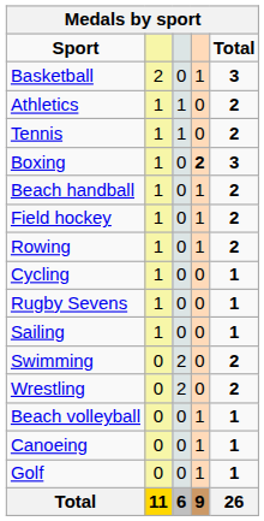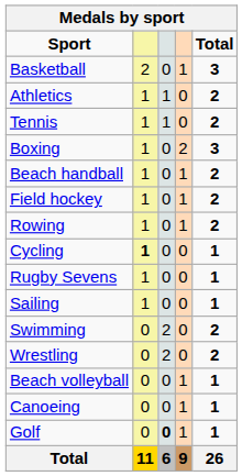 <table class="wikitable" style="font-size:85%;float:right;clear:right;">
 <tr style="background:#efefef;">
 <th colspan=5>Medals by sport</th>
 </tr>
 <tr align=center>
 <td><strong>Sport</strong></td>
 <td bgcolor=#f7f6a8></td>
 <td bgcolor=#dce5e5></td>
 <td bgcolor=#ffdab9></td>
 <td><strong>Total</strong></td>
 </tr>
 <tr align=center>
 <td align=left><a href='#'>Basketball</a></td>
 <td style="background:#F7F6A8;">2</td>
 <td style="background:#DCE5E5;">0</td>
 <td style="background:#FFDAB9;">1</td>
 <td><strong>3</strong></td>
 </tr>
 <tr align=center>
 <td align=left><a href='#'>Athletics</a></td>
 <td style="background:#F7F6A8;">1</td>
 <td style="background:#DCE5E5;">1</td>
 <td style="background:#FFDAB9;">0</td>
 <td><strong>2</strong></td>
 </tr>
 <tr align=center>
 <td align=left><a href='#'>Tennis</a></td>
 <td style="background:#F7F6A8;">1</td>
 <td style="background:#DCE5E5;">1</td>
 <td style="background:#FFDAB9;">0</td>
 <td><strong>2</strong></td>
 </tr>
 <tr align=center>
 <td align=left><a href='#'>Boxing</a></td>
 <td style="background:#F7F6A8;">1</td>
 <td style="background:#DCE5E5;">0</td>
-<td style="background:#FFDAB9;"><strong>2</strong></td>
+<td style="background:#FFDAB9;">2</td>
 <td><strong>3</strong></td>
 </tr>
 <tr align=center>
 <td align=left><a href='#'>Beach handball</a></td>
 <td style="background:#F7F6A8;">1</td>
 <td style="background:#DCE5E5;">0</td>
 <td style="background:#FFDAB9;">1</td>
 <td><strong>2</strong></td>
 </tr>
 <tr align=center>
 <td align=left><a href='#'>Field hockey</a></td>
 <td style="background:#F7F6A8;">1</td>
 <td style="background:#DCE5E5;">0</td>
 <td style="background:#FFDAB9;">1</td>
 <td><strong>2</strong></td>
 </tr>
 <tr align=center>
 <td align=left><a href='#'>Rowing</a></td>
 <td style="background:#F7F6A8;">1</td>
 <td style="background:#DCE5E5;">0</td>
 <td style="background:#FFDAB9;">1</td>
 <td><strong>2</strong></td>
 </tr>
 <tr align=center>
 <td align=left><a href='#'>Cycling</a></td>
-<td style="background:#F7F6A8;">1</td>
+<td style="background:#F7F6A8;"><strong>1</strong></td>
 <td style="background:#DCE5E5;">0</td>
 <td style="background:#FFDAB9;">0</td>
 <td><strong>1</strong></td>
 </tr>
 <tr align=center>
 <td align=left><a href='#'>Rugby Sevens</a></td>
 <td style="background:#F7F6A8;">1</td>
 <td style="background:#DCE5E5;">0</td>
 <td style="background:#FFDAB9;">0</td>
 <td><strong>1</strong></td>
 </tr>
 <tr align=center>
 <td align=left><a href='#'>Sailing</a></td>
 <td style="background:#F7F6A8;">1</td>
 <td style="background:#DCE5E5;">0</td>
 <td style="background:#FFDAB9;">0</td>
 <td><strong>1</strong></td>
 </tr>
 <tr align=center>
 <td align=left><a href='#'>Swimming</a></td>
 <td style="background:#F7F6A8;">0</td>
 <td style="background:#DCE5E5;">2</td>
 <td style="background:#FFDAB9;">0</td>
 <td><strong>2</strong></td>
 </tr>
 <tr align=center>
 <td align=left><a href='#'>Wrestling</a></td>
 <td style="background:#F7F6A8;">0</td>
 <td style="background:#DCE5E5;">2</td>
 <td style="background:#FFDAB9;">0</td>
 <td><strong>2</strong></td>
 </tr>
 <tr align=center>
 <td align=left><a href='#'>Beach volleyball</a></td>
 <td style="background:#F7F6A8;">0</td>
 <td style="background:#DCE5E5;">0</td>
 <td style="background:#FFDAB9;">1</td>
 <td><strong>1</strong></td>
 </tr>
 <tr align=center>
 <td align=left><a href='#'>Canoeing</a></td>
 <td style="background:#F7F6A8;">0</td>
 <td style="background:#DCE5E5;">0</td>
 <td style="background:#FFDAB9;">1</td>
 <td><strong>1</strong></td>
 </tr>
 <tr align=center>
 <td align=left><a href='#'>Golf</a></td>
 <td style="background:#F7F6A8;">0</td>
-<td style="background:#DCE5E5;">0</td>
+<td style="background:#DCE5E5;"><strong>0</strong></td>
 <td style="background:#FFDAB9;">1</td>
 <td><strong>1</strong></td>
 </tr>
 <tr align=center>
 <th>Total</th>
 <th style="background:gold;">11</th>
 <th style="background:silver;">6</th>
 <th style="background:#c96;">9</th>
 <th>26</th>
 </tr>
 </table>
